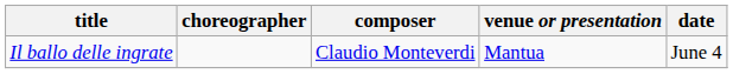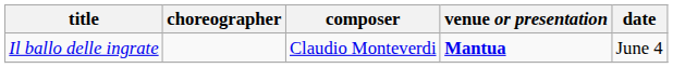 <table class="wikitable sortable">
 <tr>
 <th>title</th>
 <th>choreographer</th>
 <th>composer</th>
 <th>venue <em>or presentation</em></th>
 <th>date</th>
 </tr>
 <tr>
 <td><em><a href='#'>Il ballo delle ingrate</a></em></td>
 <td></td>
 <td><a href='#'>Claudio Monteverdi</a></td>
-<td><a href='#'>Mantua</a></td>
+<td><strong><a href='#'>Mantua</a></strong></td>
 <td>June 4</td>
 </tr>
 <tr>
 </tr>
 </table>
